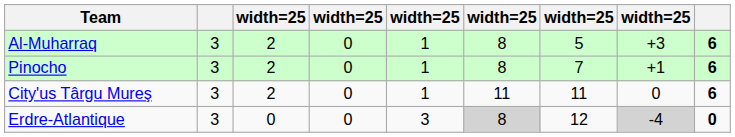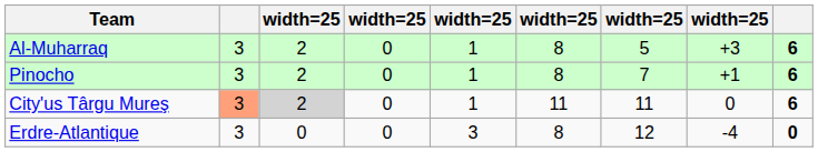 <table class="wikitable" style="text-align: center; font-size: 90%;">
 <tr>
 <th width="165">Team</th>
 <th width=25></th>
 <th>width=25</th>
 <th>width=25</th>
 <th>width=25</th>
 <th>width=25</th>
 <th>width=25</th>
 <th>width=25</th>
 <th width=25></th>
 </tr>
 <tr style="background:#cfc;">
 <td style="text-align:left;"> <a href='#'>Al-Muharraq</a></td>
 <td>3</td>
 <td>2</td>
 <td>0</td>
 <td>1</td>
 <td>8</td>
 <td>5</td>
 <td>+3</td>
 <td><strong>6</strong></td>
 </tr>
 <tr style="background:#cfc;">
 <td style="text-align:left;"> <a href='#'>Pinocho</a></td>
 <td>3</td>
 <td>2</td>
 <td>0</td>
 <td>1</td>
 <td>8</td>
 <td>7</td>
 <td>+1</td>
 <td><strong>6</strong></td>
 </tr>
 <tr>
 <td style="text-align:left;"> <a href='#'>City'us Târgu Mureş</a></td>
-<td>3</td>
-<td>2</td>
+<td style="background: lightsalmon;">3</td>
+<td style="background: lightgrey;">2</td>
 <td>0</td>
 <td>1</td>
 <td>11</td>
 <td>11</td>
 <td>0</td>
 <td><strong>6</strong></td>
 </tr>
 <tr>
 <td style="text-align:left;"> <a href='#'>Erdre-Atlantique</a></td>
 <td>3</td>
 <td>0</td>
 <td>0</td>
 <td>3</td>
-<td style="background: lightgrey;">8</td>
+<td>8</td>
 <td>12</td>
-<td style="background: lightgrey;">-4</td>
+<td>-4</td>
 <td><strong>0</strong></td>
 </tr>
 </table>
